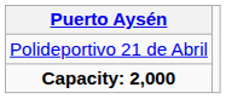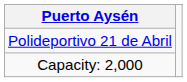 <table class="wikitable" style="text-align:center;">
 <tr>
 <th><a href='#'>Puerto Aysén</a></th>
 <td rowspan="4"><br></td>
 </tr>
 <tr>
 <td><a href='#'>Polideportivo 21 de Abril</a></td>
 </tr>
 <tr>
-<td><strong>Capacity: 2,000</strong></td>
+<td>Capacity: 2,000</td>
 </tr>
 </table>
